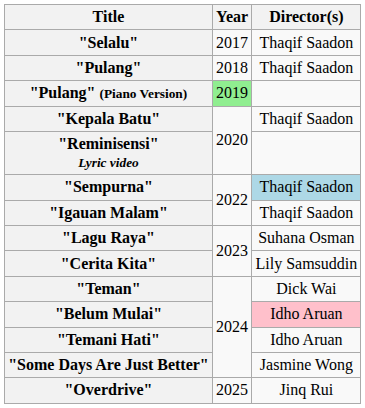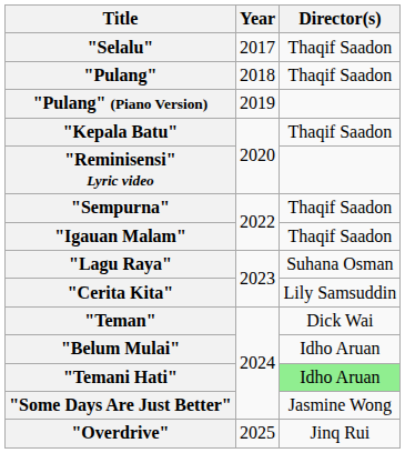 <table class="wikitable plainrowheaders" style="text-align:center;">
 <tr>
 <th>Title</th>
 <th>Year</th>
 <th>Director(s)</th>
 </tr>
 <tr>
 <th scope="row">"Selalu"</th>
 <td>2017</td>
 <td>Thaqif Saadon</td>
 </tr>
 <tr>
 <th scope="row">"Pulang"</th>
 <td>2018</td>
 <td>Thaqif Saadon</td>
 </tr>
 <tr>
 <th scope="row">"Pulang" <small>(Piano Version)</small></th>
-<td style="background: lightgreen;">2019</td>
+<td>2019</td>
 <td></td>
 </tr>
 <tr>
 <th scope="row">"Kepala Batu"</th>
 <td rowspan="2">2020</td>
 <td>Thaqif Saadon</td>
 </tr>
 <tr>
 <th scope="row">"Reminisensi"<br><small><em>Lyric video</em></small></th>
 <td></td>
 </tr>
 <tr>
 <th scope="row">"Sempurna"</th>
 <td rowspan="2">2022</td>
-<td style="background: lightblue;">Thaqif Saadon</td>
+<td>Thaqif Saadon</td>
 </tr>
 <tr>
 <th scope="row">"Igauan Malam"</th>
 <td>Thaqif Saadon</td>
 </tr>
 <tr>
 <th scope="row">"Lagu Raya"</th>
 <td rowspan="2">2023</td>
 <td>Suhana Osman</td>
 </tr>
 <tr>
 <th scope="row">"Cerita Kita"</th>
 <td>Lily Samsuddin</td>
 </tr>
 <tr>
 <th scope="row">"Teman"</th>
 <td rowspan="4">2024</td>
 <td>Dick Wai</td>
 </tr>
 <tr>
 <th scope="row">"Belum Mulai"</th>
-<td style="background: pink;">Idho Aruan</td>
+<td>Idho Aruan</td>
 </tr>
 <tr>
 <th scope="row">"Temani Hati"</th>
-<td>Idho Aruan</td>
+<td style="background: lightgreen;">Idho Aruan</td>
 </tr>
 <tr>
 <th scope="row">"Some Days Are Just Better"</th>
 <td>Jasmine Wong</td>
 </tr>
 <tr>
 <th scope="row">"Overdrive"</th>
 <td>2025</td>
 <td>Jinq Rui</td>
 </tr>
 </table>
